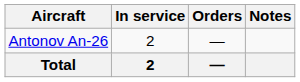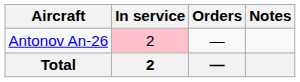 <table class="wikitable" style="margin:1em auto; text-align:center;">
 <tr bgcolor=white>
 <th>Aircraft</th>
 <th>In service</th>
 <th>Orders</th>
 <th>Notes</th>
 </tr>
 <tr>
 <td><a href='#'>Antonov An-26</a></td>
-<td>2</td>
+<td style="background: pink;">2</td>
 <td>—</td>
 <td></td>
 </tr>
 <tr>
 <th>Total</th>
 <th>2</th>
 <th>—</th>
 <th colspan="3"></th>
 </tr>
 </table>
